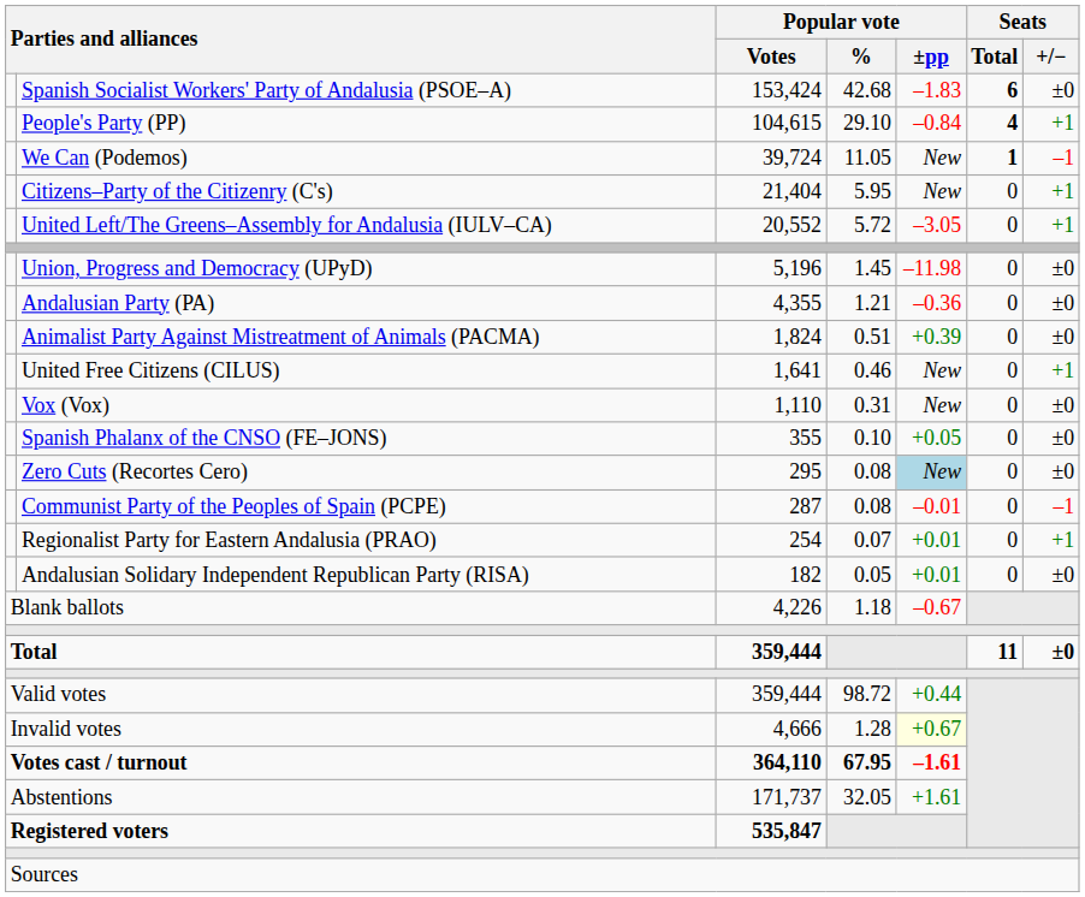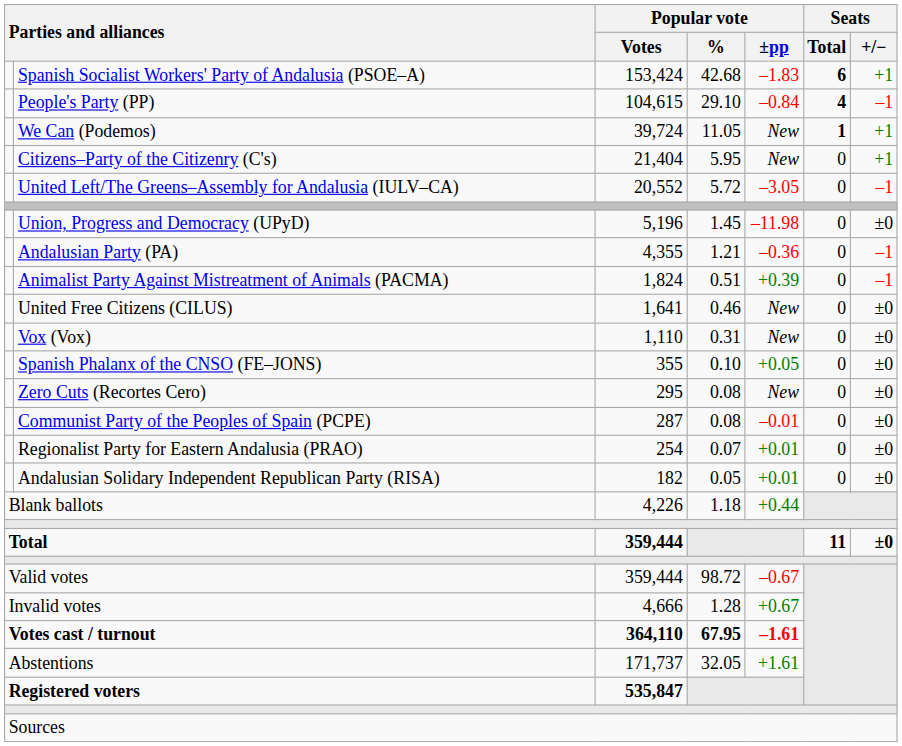 <table class="wikitable" style="text-align:right;">
 <tr>
 <th style="text-align:left;" rowspan="2" colspan="2" width="525">Parties and alliances</th>
 <th colspan="3">Popular vote</th>
 <th colspan="2">Seats</th>
 </tr>
 <tr>
 <th width="75">Votes</th>
 <th width="45">%</th>
 <th width="45">±<a href='#'>pp</a></th>
 <th width="35">Total</th>
 <th width="35">+/−</th>
 </tr>
 <tr>
 <td width="1" style="color:inherit;background:"></td>
 <td align="left"><a href='#'>Spanish Socialist Workers' Party of Andalusia</a> (PSOE–A)</td>
 <td>153,424</td>
 <td>42.68</td>
 <td style="color:red;">–1.83</td>
 <td><strong>6</strong></td>
-<td>±0</td>
+<td style="color:green;">+1</td>
 </tr>
 <tr>
 <td style="color:inherit;background:"></td>
 <td align="left"><a href='#'>People's Party</a> (PP)</td>
 <td>104,615</td>
 <td>29.10</td>
 <td style="color:red;">–0.84</td>
 <td><strong>4</strong></td>
-<td style="color:green;">+1</td>
+<td style="color:red;">–1</td>
 </tr>
 <tr>
 <td style="color:inherit;background:"></td>
 <td align="left"><a href='#'>We Can</a> (Podemos)</td>
 <td>39,724</td>
 <td>11.05</td>
 <td><em>New</em></td>
 <td><strong>1</strong></td>
-<td style="color:red;">–1</td>
+<td style="color:green;">+1</td>
 </tr>
 <tr>
 <td style="color:inherit;background:"></td>
 <td align="left"><a href='#'>Citizens–Party of the Citizenry</a> (C's)</td>
 <td>21,404</td>
 <td>5.95</td>
 <td><em>New</em></td>
 <td>0</td>
 <td style="color:green;">+1</td>
 </tr>
 <tr>
 <td style="color:inherit;background:"></td>
 <td align="left"><a href='#'>United Left/The Greens–Assembly for Andalusia</a> (IULV–CA)</td>
 <td>20,552</td>
 <td>5.72</td>
 <td style="color:red;">–3.05</td>
 <td>0</td>
-<td style="color:green;">+1</td>
+<td style="color:red;">–1</td>
 </tr>
 <tr>
 <td colspan="7" bgcolor="#C0C0C0"></td>
 </tr>
 <tr>
 <td style="color:inherit;background:"></td>
 <td align="left"><a href='#'>Union, Progress and Democracy</a> (UPyD)</td>
 <td>5,196</td>
 <td>1.45</td>
 <td style="color:red;">–11.98</td>
 <td>0</td>
 <td>±0</td>
 </tr>
 <tr>
 <td style="color:inherit;background:"></td>
 <td align="left"><a href='#'>Andalusian Party</a> (PA)</td>
 <td>4,355</td>
 <td>1.21</td>
 <td style="color:red;">–0.36</td>
 <td>0</td>
-<td>±0</td>
+<td style="color:red;">–1</td>
 </tr>
 <tr>
 <td style="color:inherit;background:"></td>
 <td align="left"><a href='#'>Animalist Party Against Mistreatment of Animals</a> (PACMA)</td>
 <td>1,824</td>
 <td>0.51</td>
 <td style="color:green;">+0.39</td>
 <td>0</td>
-<td>±0</td>
+<td style="color:red;">–1</td>
 </tr>
 <tr>
 <td style="color:inherit;background:"></td>
 <td align="left">United Free Citizens (CILUS)</td>
 <td>1,641</td>
 <td>0.46</td>
 <td><em>New</em></td>
 <td>0</td>
-<td style="color:green;">+1</td>
+<td>±0</td>
 </tr>
 <tr>
 <td style="color:inherit;background:"></td>
 <td align="left"><a href='#'>Vox</a> (Vox)</td>
 <td>1,110</td>
 <td>0.31</td>
 <td><em>New</em></td>
 <td>0</td>
 <td>±0</td>
 </tr>
 <tr>
 <td style="color:inherit;background:"></td>
 <td align="left"><a href='#'>Spanish Phalanx of the CNSO</a> (FE–JONS)</td>
 <td>355</td>
 <td>0.10</td>
 <td style="color:green;">+0.05</td>
 <td>0</td>
 <td>±0</td>
 </tr>
 <tr>
 <td style="color:inherit;background:"></td>
 <td align="left"><a href='#'>Zero Cuts</a> (Recortes Cero)</td>
 <td>295</td>
 <td>0.08</td>
-<td style="background: lightblue;"><em>New</em></td>
+<td><em>New</em></td>
 <td>0</td>
 <td>±0</td>
 </tr>
 <tr>
 <td style="color:inherit;background:"></td>
 <td align="left"><a href='#'>Communist Party of the Peoples of Spain</a> (PCPE)</td>
 <td>287</td>
 <td>0.08</td>
 <td style="color:red;">–0.01</td>
 <td>0</td>
-<td style="color:red;">–1</td>
+<td>±0</td>
 </tr>
 <tr>
 <td style="color:inherit;background:"></td>
 <td align="left">Regionalist Party for Eastern Andalusia (PRAO)</td>
 <td>254</td>
 <td>0.07</td>
 <td style="color:green;">+0.01</td>
 <td>0</td>
-<td style="color:green;">+1</td>
+<td>±0</td>
 </tr>
 <tr>
 <td style="color:inherit;background:"></td>
 <td align="left">Andalusian Solidary Independent Republican Party (RISA)</td>
 <td>182</td>
 <td>0.05</td>
 <td style="color:green;">+0.01</td>
 <td>0</td>
 <td>±0</td>
 </tr>
 <tr>
 <td align="left" colspan="2">Blank ballots</td>
 <td>4,226</td>
 <td>1.18</td>
-<td style="color:red;">–0.67</td>
+<td style="color:green;">+0.44</td>
 <td bgcolor="#E9E9E9" colspan="2"></td>
 </tr>
 <tr>
 <td colspan="7" bgcolor="#E9E9E9"></td>
 </tr>
 <tr style="font-weight:bold;">
 <td align="left" colspan="2">Total</td>
 <td>359,444</td>
 <td bgcolor="#E9E9E9" colspan="2"></td>
 <td>11</td>
 <td>±0</td>
 </tr>
 <tr>
 <td colspan="7" bgcolor="#E9E9E9"></td>
 </tr>
 <tr>
 <td align="left" colspan="2">Valid votes</td>
 <td>359,444</td>
 <td>98.72</td>
-<td style="color:green;">+0.44</td>
+<td style="color:red;">–0.67</td>
 <td bgcolor="#E9E9E9" colspan="2" rowspan="5"></td>
 </tr>
 <tr>
 <td align="left" colspan="2">Invalid votes</td>
 <td>4,666</td>
 <td>1.28</td>
-<td style="background: lightyellow; color:green;">+0.67</td>
+<td style="color:green;">+0.67</td>
 </tr>
 <tr style="font-weight:bold;">
 <td align="left" colspan="2">Votes cast / turnout</td>
 <td>364,110</td>
 <td>67.95</td>
 <td style="color:red;">–1.61</td>
 </tr>
 <tr>
 <td align="left" colspan="2">Abstentions</td>
 <td>171,737</td>
 <td>32.05</td>
 <td style="color:green;">+1.61</td>
 </tr>
 <tr style="font-weight:bold;">
 <td align="left" colspan="2">Registered voters</td>
 <td>535,847</td>
 <td style="background:#e9e9e9;" colspan="2"></td>
 </tr>
 <tr>
 <td colspan="7" bgcolor="#E9E9E9"></td>
 </tr>
 <tr>
 <td align="left" colspan="7">Sources</td>
 </tr>
 </table>
